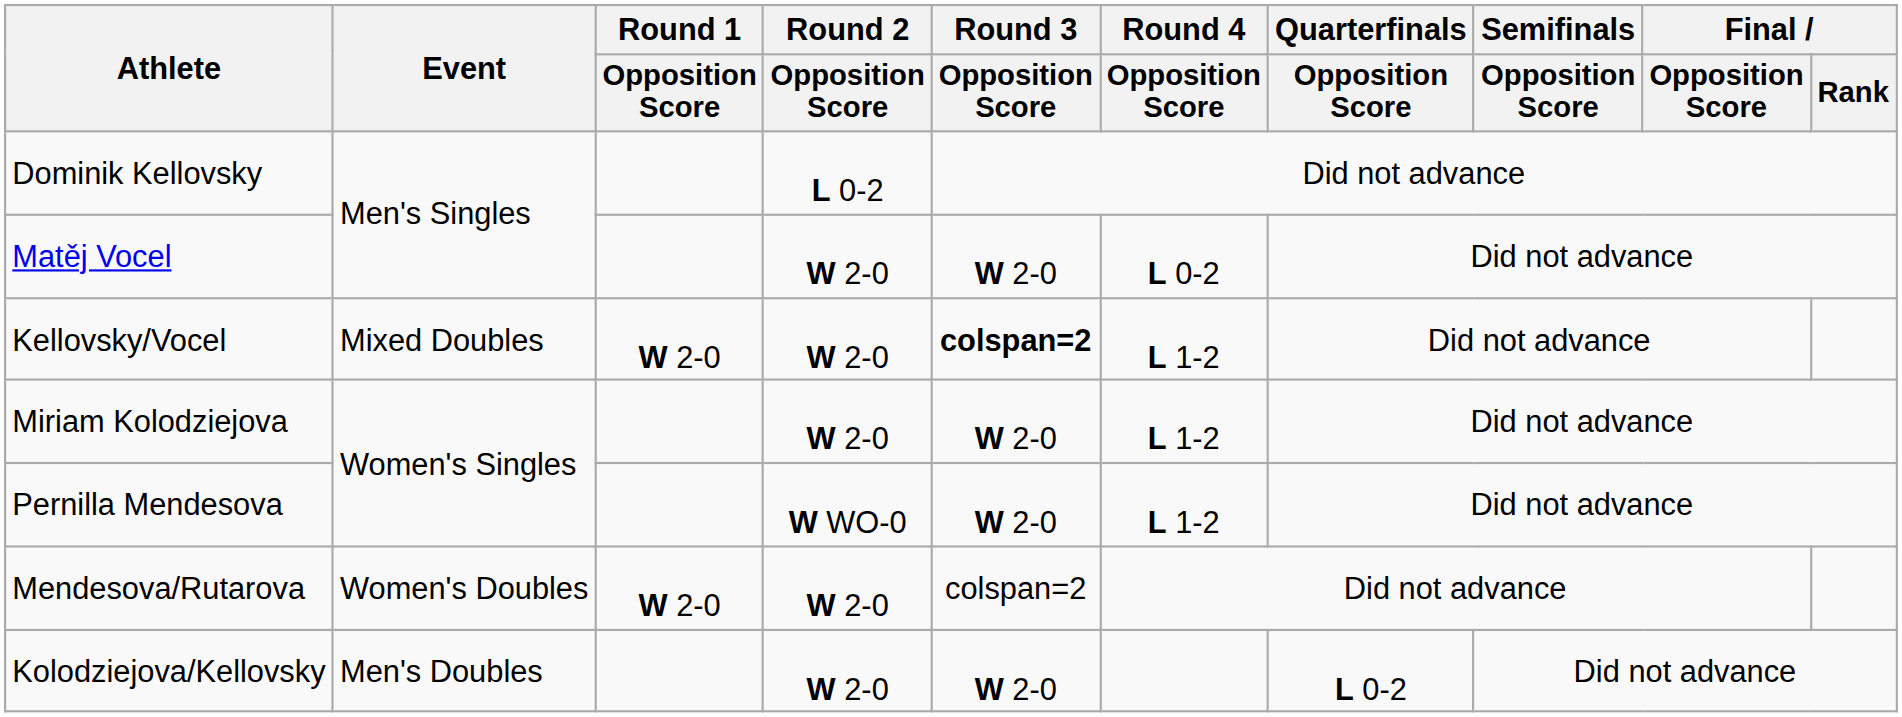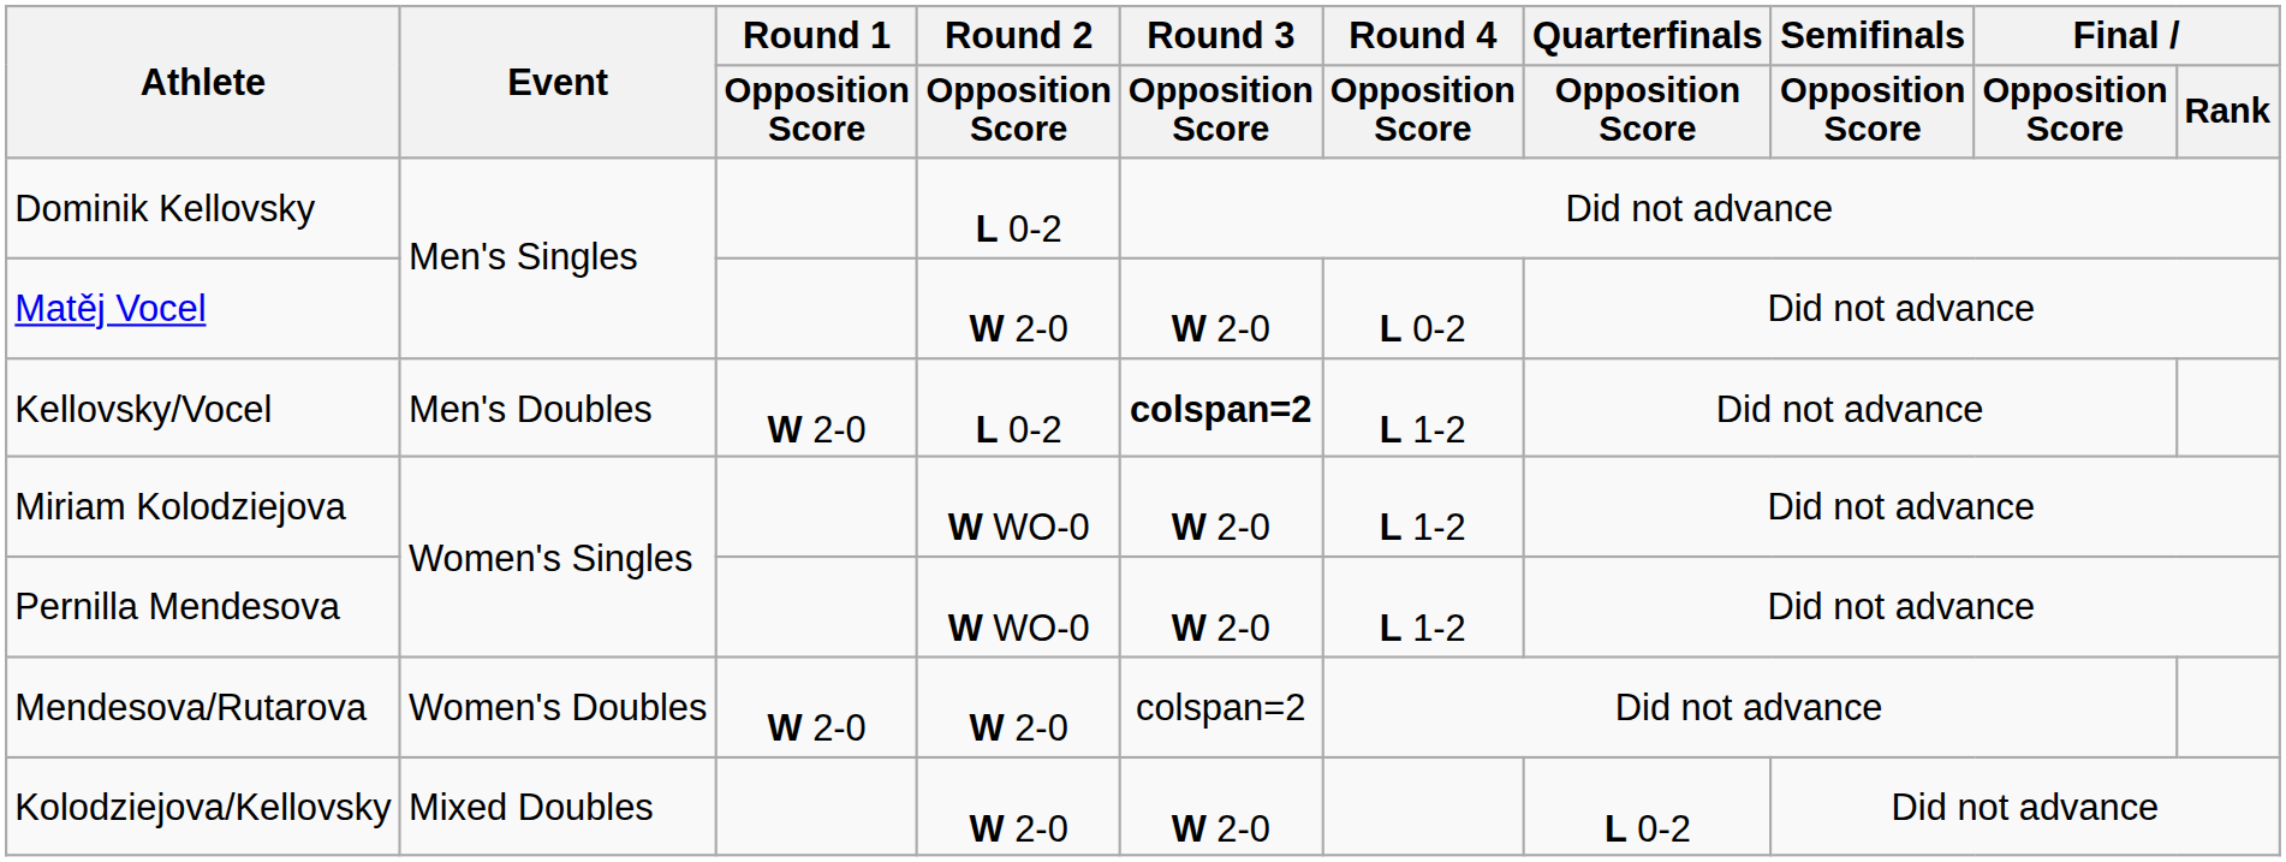 <table class=wikitable style="font-size:90%">
 <tr>
 <th rowspan="2">Athlete</th>
 <th rowspan="2">Event</th>
 <th>Round 1</th>
 <th>Round 2</th>
 <th>Round 3</th>
 <th>Round 4</th>
 <th>Quarterfinals</th>
 <th>Semifinals</th>
 <th colspan=2>Final / </th>
 </tr>
 <tr style="font-size:95%">
 <th>Opposition<br>Score</th>
 <th>Opposition<br>Score</th>
 <th>Opposition<br>Score</th>
 <th>Opposition<br>Score</th>
 <th>Opposition<br>Score</th>
 <th>Opposition<br>Score</th>
 <th>Opposition<br>Score</th>
 <th>Rank</th>
 </tr>
 <tr align=center>
 <td align=left>Dominik Kellovsky</td>
 <td align=left rowspan=2>Men's Singles</td>
 <td></td>
 <td><br><strong>L</strong> 0-2</td>
 <td colspan=6>Did not advance</td>
 </tr>
 <tr align=center>
 <td align=left><a href='#'>Matěj Vocel</a></td>
 <td></td>
 <td><br><strong>W</strong> 2-0</td>
 <td><br><strong>W</strong> 2-0</td>
 <td><br><strong>L</strong> 0-2</td>
 <td colspan=4>Did not advance</td>
 </tr>
 <tr align=center>
 <td align=left>Kellovsky/Vocel</td>
-<td align=left>Mixed Doubles</td>
+<td align=left>Men's Doubles</td>
 <td><br><strong>W</strong> 2-0</td>
-<td><br><strong>W</strong> 2-0</td>
+<td><br><strong>L</strong> 0-2</td>
 <td><strong>colspan=2 </strong></td>
 <td><br><strong>L</strong> 1-2</td>
 <td colspan=3>Did not advance</td>
 </tr>
 <tr align=center>
 <td align=left>Miriam Kolodziejova</td>
 <td align=left rowspan=2>Women's Singles</td>
 <td></td>
-<td><br><strong>W</strong> 2-0</td>
+<td><br><strong>W</strong> WO-0</td>
 <td><br><strong>W</strong> 2-0</td>
 <td><br><strong>L</strong> 1-2</td>
 <td colspan=4>Did not advance</td>
 </tr>
 <tr align=center>
 <td align=left>Pernilla Mendesova</td>
 <td></td>
 <td><br><strong>W</strong> WO-0</td>
 <td><br><strong>W</strong> 2-0</td>
 <td><br><strong>L</strong> 1-2</td>
 <td colspan=4>Did not advance</td>
 </tr>
 <tr align=center>
 <td align=left>Mendesova/Rutarova</td>
 <td align=left>Women's Doubles</td>
 <td><br><strong>W</strong> 2-0</td>
 <td><br><strong>W</strong> 2-0</td>
 <td>colspan=2 </td>
 <td colspan=4>Did not advance</td>
 </tr>
 <tr align=center>
 <td align=left>Kolodziejova/Kellovsky</td>
-<td align=left>Men's Doubles</td>
+<td align=left>Mixed Doubles</td>
 <td></td>
 <td><br><strong>W</strong> 2-0</td>
 <td><br><strong>W</strong> 2-0</td>
 <td></td>
 <td><br><strong>L</strong> 0-2</td>
 <td colspan=3>Did not advance</td>
 </tr>
 </table>
